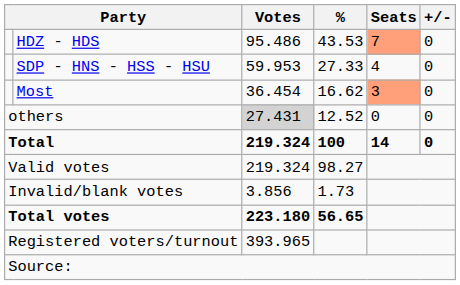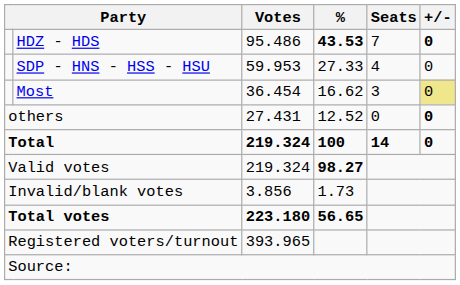 <table class="wikitable" style="text-align: left;">
 <tr>
 <th colspan="2">Party</th>
 <th>Votes</th>
 <th>%</th>
 <th>Seats</th>
 <th>+/-</th>
 </tr>
 <tr>
 <td style="background-color: "></td>
 <td><a href='#'>HDZ</a> - <a href='#'>HDS</a></td>
 <td>95.486</td>
-<td>43.53</td>
-<td style="background: lightsalmon;">7</td>
-<td>0</td>
+<td><strong>43.53</strong></td>
+<td>7</td>
+<td><strong>0</strong></td>
 </tr>
 <tr>
 <td style="background-color: "></td>
 <td><a href='#'>SDP</a> - <a href='#'>HNS</a> - <a href='#'>HSS</a> - <a href='#'>HSU</a></td>
 <td>59.953</td>
 <td>27.33</td>
 <td>4</td>
 <td>0</td>
 </tr>
 <tr>
 <td style="background-color: "></td>
 <td><a href='#'>Most</a></td>
 <td>36.454</td>
 <td>16.62</td>
-<td style="background: lightsalmon;">3</td>
-<td>0</td>
+<td>3</td>
+<td style="background: khaki;">0</td>
 </tr>
 <tr>
 <td colspan="2">others</td>
-<td style="background: lightgrey;">27.431</td>
+<td>27.431</td>
 <td>12.52</td>
 <td>0</td>
-<td>0</td>
+<td><strong>0</strong></td>
 </tr>
 <tr>
 <td colspan="2"><strong>Total</strong></td>
 <td><strong>219.324</strong></td>
 <td><strong>100</strong></td>
 <td><strong>14</strong></td>
 <td><strong>0</strong></td>
 </tr>
 <tr>
 <td colspan="2">Valid votes</td>
 <td>219.324</td>
-<td>98.27</td>
+<td><strong>98.27</strong></td>
 <td colspan="2"></td>
 </tr>
 <tr>
 <td colspan="2">Invalid/blank votes</td>
 <td>3.856</td>
 <td>1.73</td>
 <td colspan="2"></td>
 </tr>
 <tr>
 <td colspan="2"><strong>Total votes</strong></td>
 <td><strong>223.180</strong></td>
 <td><strong>56.65</strong></td>
 <td colspan="2"></td>
 </tr>
 <tr>
 <td colspan="2">Registered voters/turnout</td>
 <td votes14="5343">393.965</td>
 <td></td>
 <td colspan="2"></td>
 </tr>
 <tr>
 <td colspan="6">Source: </td>
 </tr>
 </table>
